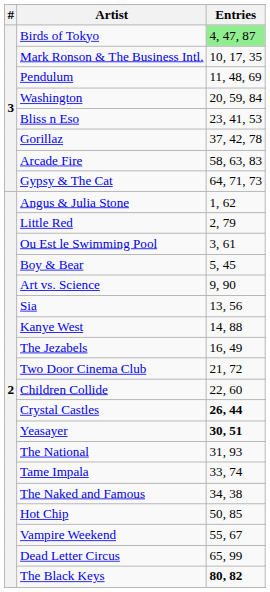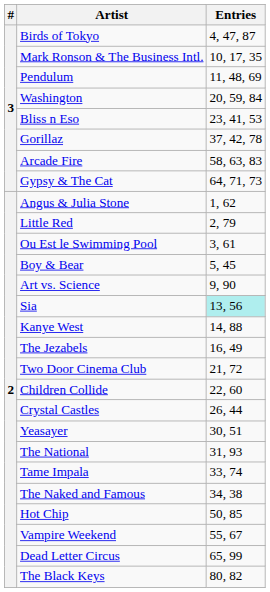 <table class="wikitable">
 <tr>
 <th>#</th>
 <th>Artist</th>
 <th>Entries</th>
 </tr>
 <tr>
 <th rowspan="8">3</th>
 <td><a href='#'>Birds of Tokyo</a></td>
-<td style="background: lightgreen;">4, 47, 87</td>
+<td>4, 47, 87</td>
 </tr>
 <tr>
 <td><a href='#'>Mark Ronson & The Business Intl.</a></td>
 <td>10, 17, 35</td>
 </tr>
 <tr>
 <td><a href='#'>Pendulum</a></td>
 <td>11, 48, 69</td>
 </tr>
 <tr>
 <td><a href='#'>Washington</a></td>
 <td>20, 59, 84</td>
 </tr>
 <tr>
 <td><a href='#'>Bliss n Eso</a></td>
 <td>23, 41, 53</td>
 </tr>
 <tr>
 <td><a href='#'>Gorillaz</a></td>
 <td>37, 42, 78</td>
 </tr>
 <tr>
 <td><a href='#'>Arcade Fire</a></td>
 <td>58, 63, 83</td>
 </tr>
 <tr>
 <td><a href='#'>Gypsy & The Cat</a></td>
 <td>64, 71, 73</td>
 </tr>
 <tr>
 <th rowspan="19">2</th>
 <td><a href='#'>Angus & Julia Stone</a></td>
 <td>1, 62</td>
 </tr>
 <tr>
 <td><a href='#'>Little Red</a></td>
 <td>2, 79</td>
 </tr>
 <tr>
 <td><a href='#'>Ou Est le Swimming Pool</a></td>
 <td>3, 61</td>
 </tr>
 <tr>
 <td><a href='#'>Boy & Bear</a></td>
 <td>5, 45</td>
 </tr>
 <tr>
 <td><a href='#'>Art vs. Science</a></td>
 <td>9, 90</td>
 </tr>
 <tr>
 <td><a href='#'>Sia</a></td>
-<td>13, 56</td>
+<td style="background: paleturquoise;">13, 56</td>
 </tr>
 <tr>
 <td><a href='#'>Kanye West</a></td>
 <td>14, 88</td>
 </tr>
 <tr>
 <td><a href='#'>The Jezabels</a></td>
 <td>16, 49</td>
 </tr>
 <tr>
 <td><a href='#'>Two Door Cinema Club</a></td>
 <td>21, 72</td>
 </tr>
 <tr>
 <td><a href='#'>Children Collide</a></td>
 <td>22, 60</td>
 </tr>
 <tr>
 <td><a href='#'>Crystal Castles</a></td>
-<td><strong>26, 44</strong></td>
+<td>26, 44</td>
 </tr>
 <tr>
 <td><a href='#'>Yeasayer</a></td>
-<td><strong>30, 51</strong></td>
+<td>30, 51</td>
 </tr>
 <tr>
 <td><a href='#'>The National</a></td>
 <td>31, 93</td>
 </tr>
 <tr>
 <td><a href='#'>Tame Impala</a></td>
 <td>33, 74</td>
 </tr>
 <tr>
 <td><a href='#'>The Naked and Famous</a></td>
 <td>34, 38</td>
 </tr>
 <tr>
 <td><a href='#'>Hot Chip</a></td>
 <td>50, 85</td>
 </tr>
 <tr>
 <td><a href='#'>Vampire Weekend</a></td>
 <td>55, 67</td>
 </tr>
 <tr>
 <td><a href='#'>Dead Letter Circus</a></td>
 <td>65, 99</td>
 </tr>
 <tr>
 <td><a href='#'>The Black Keys</a></td>
-<td><strong>80, 82</strong></td>
+<td>80, 82</td>
 </tr>
 </table>
